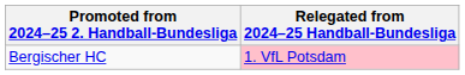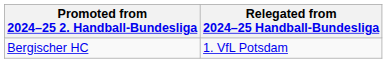 <table class="wikitable">
 <tr>
 <th>Promoted from<br><a href='#'>2024–25 2. Handball-Bundesliga</a></th>
 <th>Relegated from<br><a href='#'>2024–25 Handball-Bundesliga</a></th>
 </tr>
 <tr>
 <td><a href='#'>Bergischer HC</a></td>
-<td style="background: pink;"><a href='#'>1. VfL Potsdam</a></td>
+<td><a href='#'>1. VfL Potsdam</a></td>
 </tr>
 </table>
